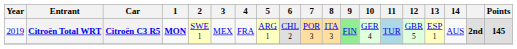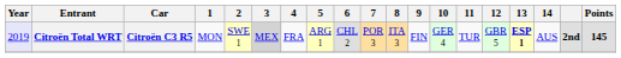 <table class="wikitable" border="1" style="text-align:center; font-size:85%;">
 <tr>
 <th>Year</th>
 <th>Entrant</th>
 <th>Car</th>
 <th>1</th>
 <th>2</th>
 <th>3</th>
 <th>4</th>
 <th>5</th>
 <th>6</th>
 <th>7</th>
 <th>8</th>
 <th>9</th>
 <th>10</th>
 <th>11</th>
 <th>12</th>
 <th>13</th>
 <th>14</th>
 <th></th>
 <th>Points</th>
 </tr>
 <tr>
-<td><a href='#'>2019</a></td>
+<td style="background: lavender;"><a href='#'>2019</a></td>
 <th nowrap><a href='#'>Citroën Total WRT</a></th>
 <th nowrap><a href='#'>Citroën C3 R5</a></th>
-<td><strong><a href='#'>MON</a></strong></td>
+<td><a href='#'>MON</a></td>
 <td style="background:#FFFFBF;"><a href='#'>SWE</a><br><small>1</small></td>
-<td><a href='#'>MEX</a></td>
+<td style="background: lightgrey;"><a href='#'>MEX</a></td>
 <td><a href='#'>FRA</a></td>
 <td style="background:#FFFFBF;"><a href='#'>ARG</a><br><small>1</small></td>
 <td style="background:#DFDFDF;"><a href='#'>CHL</a><br><small>2</small></td>
 <td style="background:#FFDF9F;"><a href='#'>POR</a><br><small>3</small></td>
 <td style="background:#FFDF9F;"><a href='#'>ITA</a><br><small>3</small></td>
-<td style="background: lightgreen;"><a href='#'>FIN</a></td>
+<td><a href='#'>FIN</a></td>
 <td style="background:#DFFFDF;"><a href='#'>GER</a><br><small>4</small></td>
-<td style="background: lightblue;"><a href='#'>TUR</a></td>
+<td><a href='#'>TUR</a></td>
 <td style="background:#DFFFDF;"><a href='#'>GBR</a><br><small>5</small></td>
-<td style="background:#FFFFBF;"><a href='#'>ESP</a><br><small>1</small></td>
+<td style="background:#FFFFBF;"><strong><a href='#'>ESP</a><br><small>1</small></strong></td>
 <td><a href='#'>AUS</a><br></td>
 <th style="background:#DFDFDF;">2nd</th>
 <th style="background:#DFDFDF;">145</th>
 </tr>
 <tr>
 </tr>
 </table>
